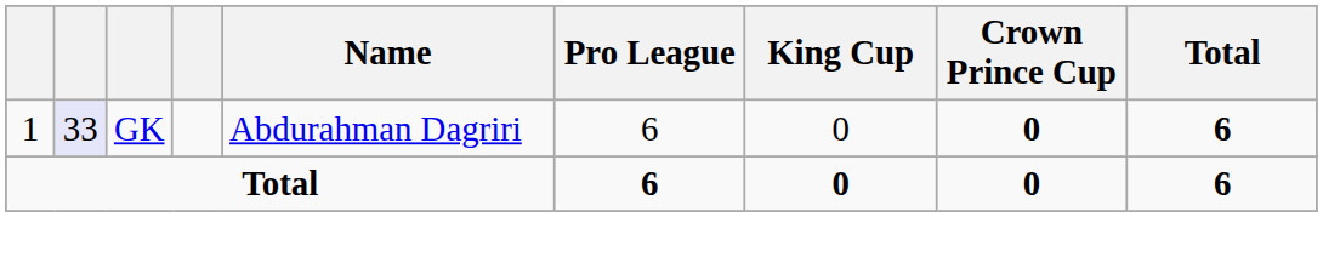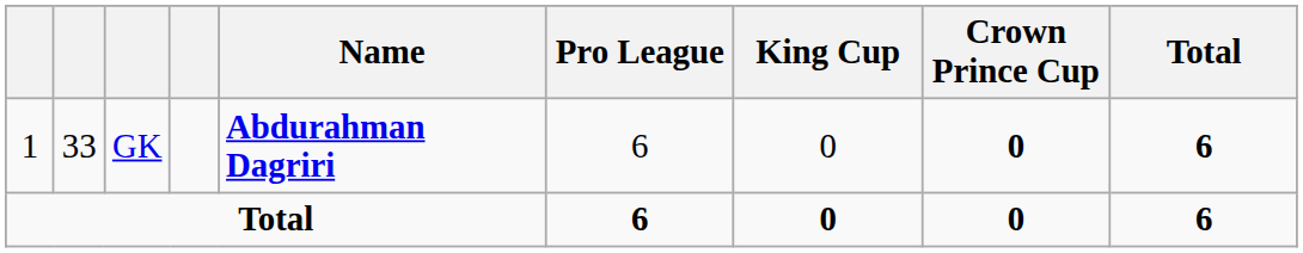 <table class="wikitable" style="text-align:center">
 <tr>
 <th width=15></th>
 <th width=15></th>
 <th width=15></th>
 <th width=15></th>
 <th width=145>Name</th>
 <th width=80>Pro League</th>
 <th width=80>King Cup</th>
 <th width=80>Crown Prince Cup</th>
 <th width=80>Total</th>
 </tr>
 <tr>
 <td>1</td>
-<td style="background: lavender;">33</td>
+<td>33</td>
 <td><a href='#'>GK</a></td>
 <td></td>
-<td align=left><a href='#'>Abdurahman Dagriri</a></td>
+<td align=left><strong><a href='#'>Abdurahman Dagriri</a></strong></td>
 <td>6</td>
 <td>0</td>
 <td><strong>0</strong></td>
 <td><strong>6</strong></td>
 </tr>
 <tr>
 <td colspan=5><strong>Total</strong></td>
 <td><strong>6</strong></td>
 <td><strong>0</strong></td>
 <td><strong>0</strong></td>
 <td><strong>6</strong></td>
 </tr>
 </table>
